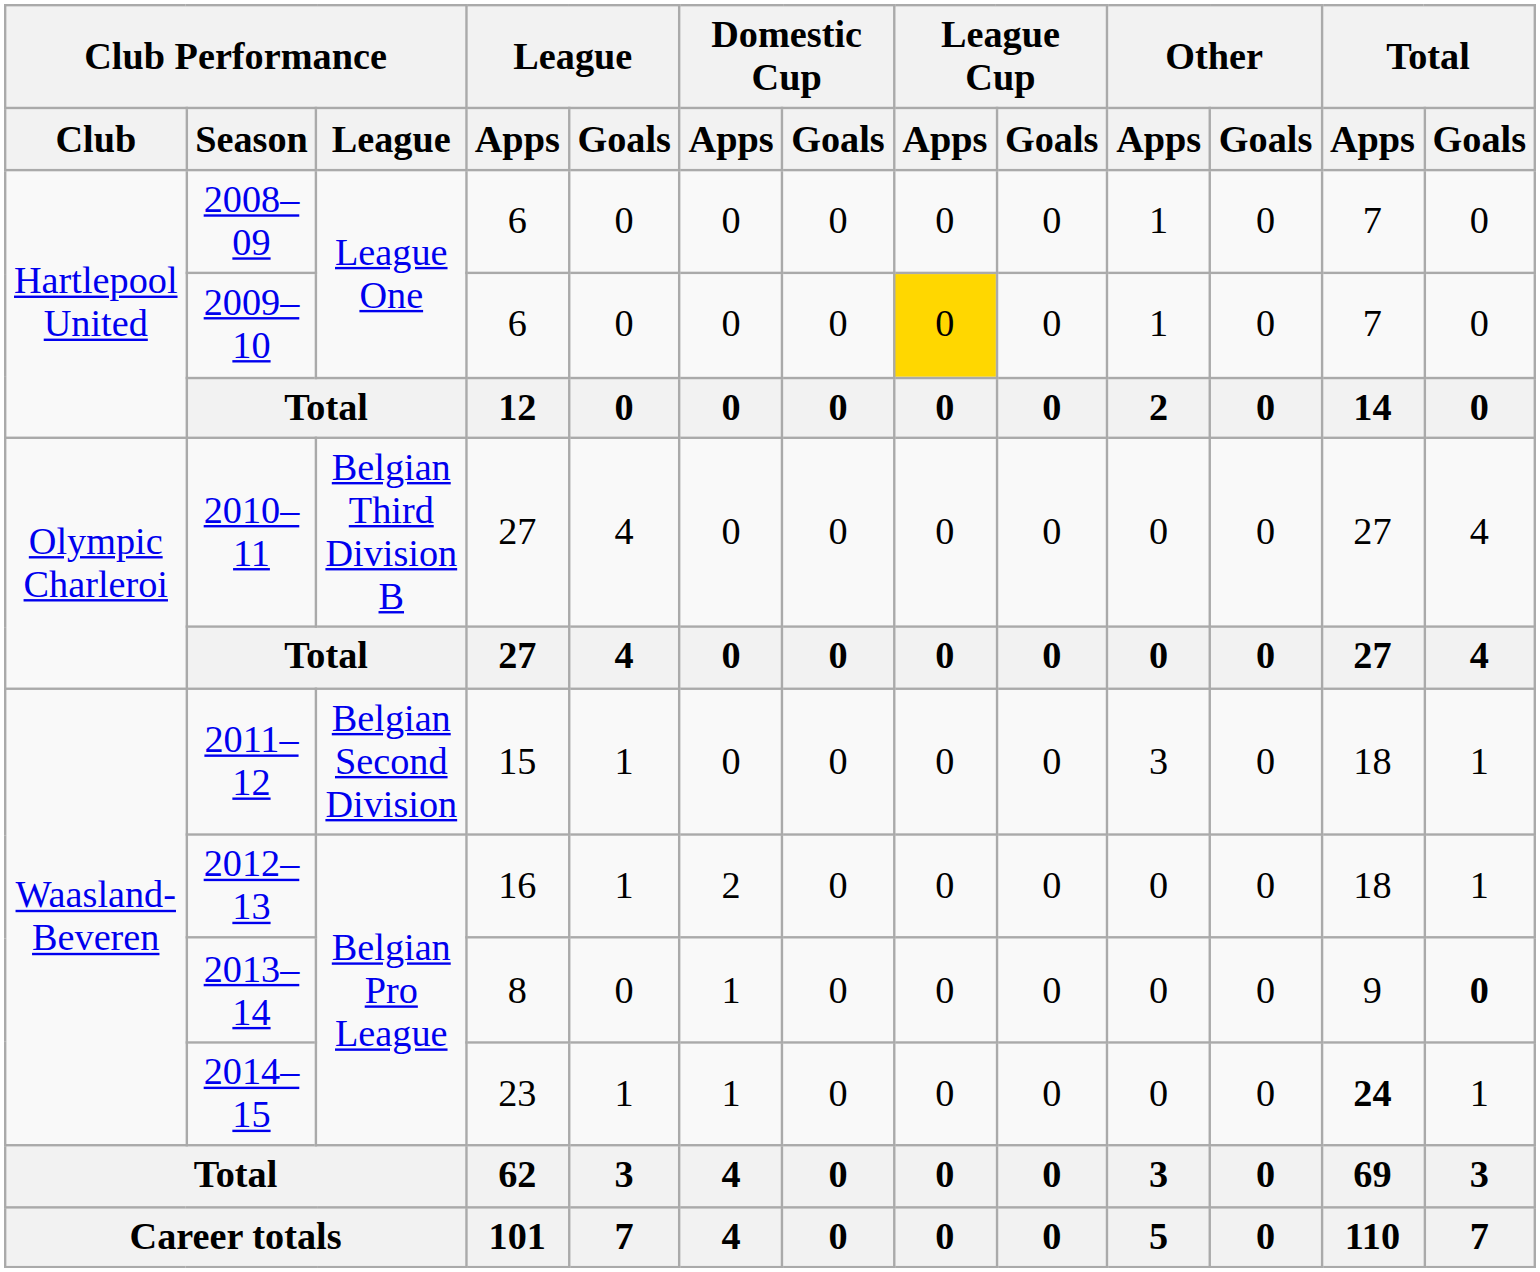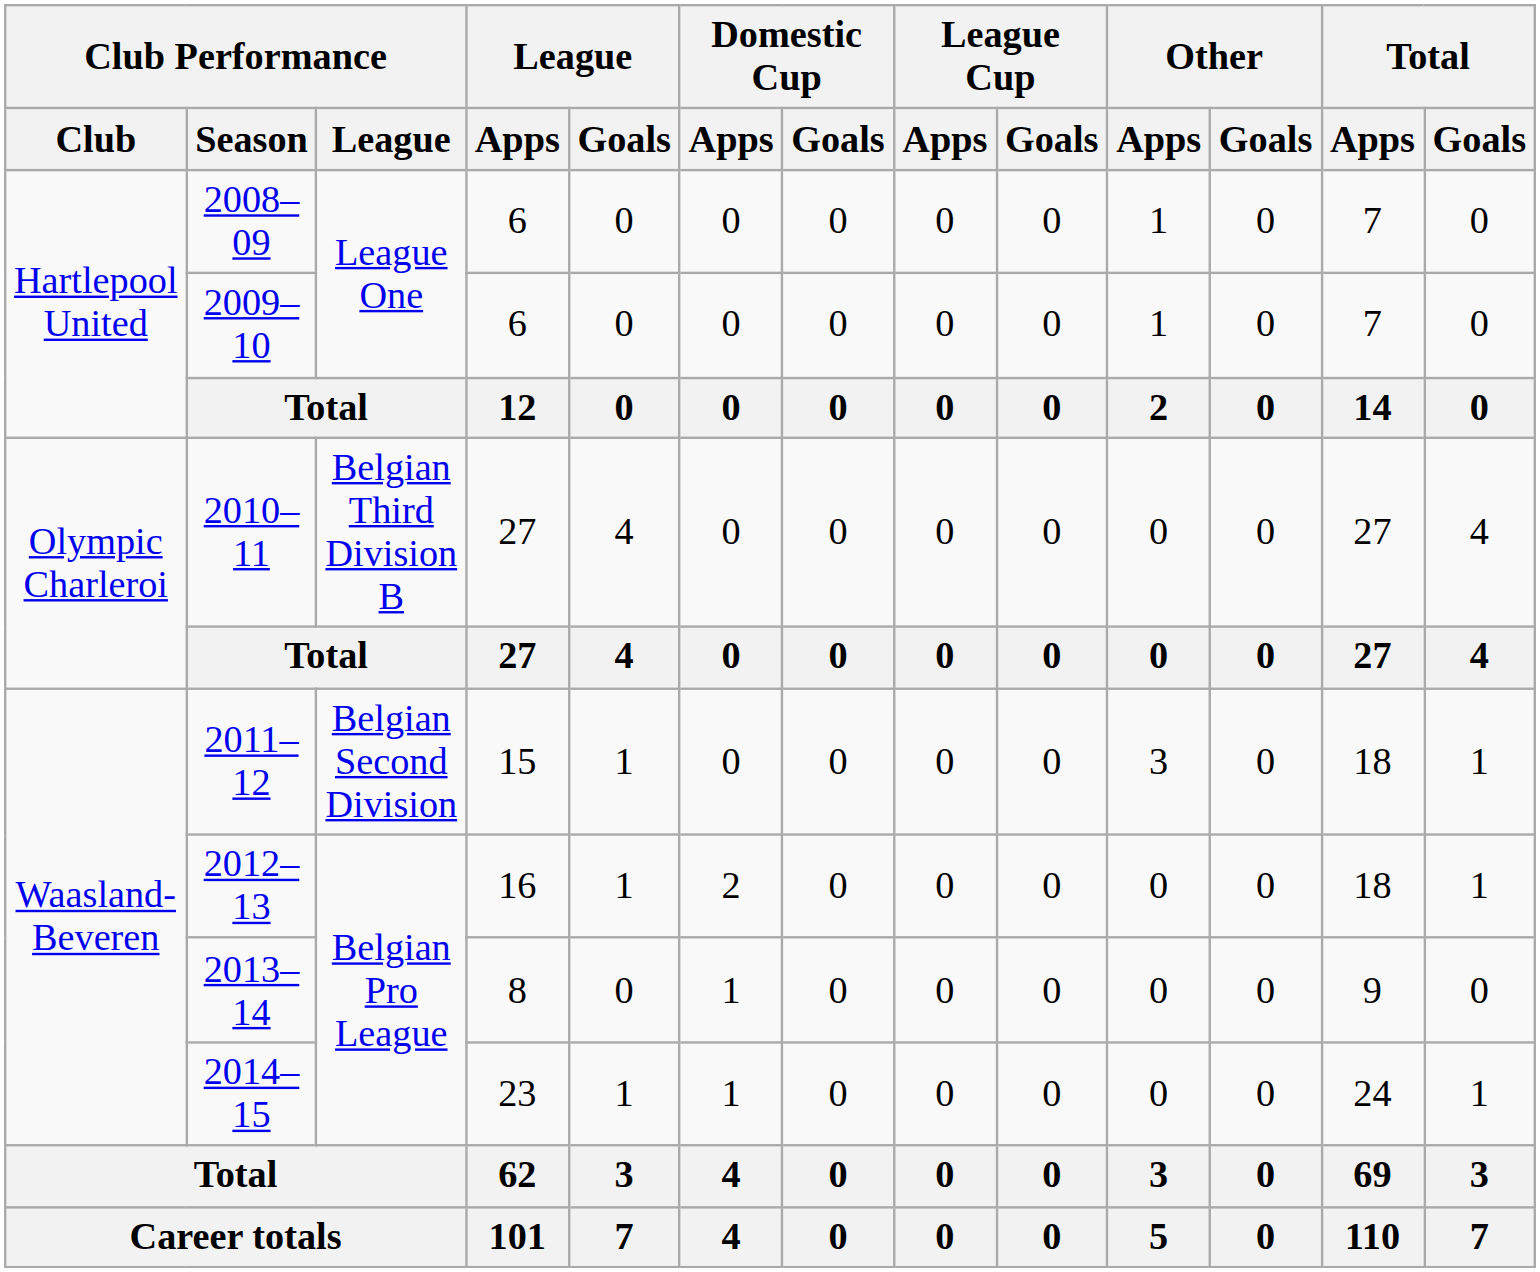 <table class="wikitable" style="text-align: center;">
 <tr>
 <th colspan="3">Club Performance</th>
 <th colspan="2">League</th>
 <th colspan="2">Domestic Cup</th>
 <th colspan="2">League Cup</th>
 <th colspan="2">Other</th>
 <th colspan="2">Total</th>
 </tr>
 <tr>
 <th>Club</th>
 <th>Season</th>
 <th>League</th>
 <th>Apps</th>
 <th>Goals</th>
 <th>Apps</th>
 <th>Goals</th>
 <th>Apps</th>
 <th>Goals</th>
 <th>Apps</th>
 <th>Goals</th>
 <th>Apps</th>
 <th>Goals</th>
 </tr>
 <tr>
 <td rowspan="3"><a href='#'>Hartlepool United</a></td>
 <td><a href='#'>2008–09</a></td>
 <td rowspan="2"><a href='#'>League One</a></td>
 <td>6</td>
 <td>0</td>
 <td>0</td>
 <td>0</td>
 <td>0</td>
 <td>0</td>
 <td>1</td>
 <td>0</td>
 <td>7</td>
 <td>0</td>
 </tr>
 <tr>
 <td><a href='#'>2009–10</a></td>
 <td>6</td>
 <td>0</td>
 <td>0</td>
 <td>0</td>
-<td style="background: gold;">0</td>
+<td>0</td>
 <td>0</td>
 <td>1</td>
 <td>0</td>
 <td>7</td>
 <td>0</td>
 </tr>
 <tr>
 <th colspan="2">Total</th>
 <th>12</th>
 <th>0</th>
 <th>0</th>
 <th>0</th>
 <th>0</th>
 <th>0</th>
 <th>2</th>
 <th>0</th>
 <th>14</th>
 <th>0</th>
 </tr>
 <tr>
 <td rowspan="2"><a href='#'>Olympic Charleroi</a></td>
 <td><a href='#'>2010–11</a></td>
 <td><a href='#'>Belgian Third Division B</a></td>
 <td>27</td>
 <td>4</td>
 <td>0</td>
 <td>0</td>
 <td>0</td>
 <td>0</td>
 <td>0</td>
 <td>0</td>
 <td>27</td>
 <td>4</td>
 </tr>
 <tr>
 <th colspan="2">Total</th>
 <th>27</th>
 <th>4</th>
 <th>0</th>
 <th>0</th>
 <th>0</th>
 <th>0</th>
 <th>0</th>
 <th>0</th>
 <th>27</th>
 <th>4</th>
 </tr>
 <tr>
 <td rowspan="4" valign="center"><a href='#'>Waasland-Beveren</a></td>
 <td><a href='#'>2011–12</a></td>
 <td><a href='#'>Belgian Second Division</a></td>
 <td>15</td>
 <td>1</td>
 <td>0</td>
 <td>0</td>
 <td>0</td>
 <td>0</td>
 <td>3</td>
 <td>0</td>
 <td>18</td>
 <td>1</td>
 </tr>
 <tr>
 <td><a href='#'>2012–13</a></td>
 <td rowspan="3"><a href='#'>Belgian Pro League</a></td>
 <td>16</td>
 <td>1</td>
 <td>2</td>
 <td>0</td>
 <td>0</td>
 <td>0</td>
 <td>0</td>
 <td>0</td>
 <td>18</td>
 <td>1</td>
 </tr>
 <tr>
 <td><a href='#'>2013–14</a></td>
 <td>8</td>
 <td>0</td>
 <td>1</td>
 <td>0</td>
 <td>0</td>
 <td>0</td>
 <td>0</td>
 <td>0</td>
 <td>9</td>
-<td><strong>0</strong></td>
+<td>0</td>
 </tr>
 <tr>
 <td><a href='#'>2014–15</a></td>
 <td>23</td>
 <td>1</td>
 <td>1</td>
 <td>0</td>
 <td>0</td>
 <td>0</td>
 <td>0</td>
 <td>0</td>
-<td><strong>24</strong></td>
+<td>24</td>
 <td>1</td>
 </tr>
 <tr>
 <th colspan="3">Total</th>
 <th>62</th>
 <th>3</th>
 <th>4</th>
 <th>0</th>
 <th>0</th>
 <th>0</th>
 <th>3</th>
 <th>0</th>
 <th>69</th>
 <th>3</th>
 </tr>
 <tr>
 <th colspan="3">Career totals</th>
 <th>101</th>
 <th>7</th>
 <th>4</th>
 <th>0</th>
 <th>0</th>
 <th>0</th>
 <th>5</th>
 <th>0</th>
 <th>110</th>
 <th>7</th>
 </tr>
 </table>
